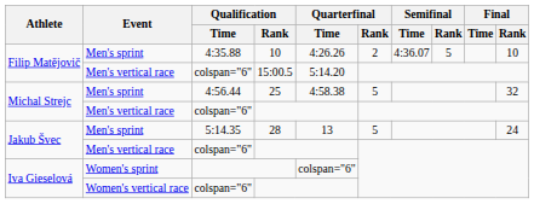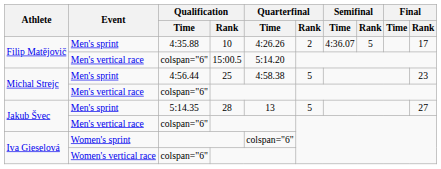 <table class="wikitable" style="font-size:90%">
 <tr align="center">
 <th rowspan="2" align="left">Athlete</th>
 <th rowspan="2" align="left">Event</th>
 <th colspan="2">Qualification</th>
 <th colspan="2">Quarterfinal</th>
 <th colspan="2">Semifinal</th>
 <th colspan="2">Final</th>
 </tr>
 <tr align="center">
 <th>Time</th>
 <th>Rank</th>
 <th>Time</th>
 <th>Rank</th>
 <th>Time</th>
 <th>Rank</th>
 <th>Time</th>
 <th>Rank</th>
 </tr>
 <tr align="center">
 <td rowspan="2" align="left"><a href='#'>Filip Matějovič</a></td>
 <td align="left"><a href='#'>Men's sprint</a></td>
 <td>4:35.88</td>
 <td>10</td>
 <td>4:26.26</td>
 <td>2</td>
 <td>4:36.07</td>
 <td>5</td>
 <td></td>
-<td>10</td>
+<td>17</td>
 </tr>
 <tr align="center">
 <td align="left"><a href='#'>Men's vertical race</a></td>
 <td>colspan="6" </td>
 <td>15:00.5</td>
 <td>5:14.20</td>
 </tr>
 <tr align="center">
 <td rowspan="2" align="left"><a href='#'>Michal Strejc</a></td>
 <td align="left"><a href='#'>Men's sprint</a></td>
 <td>4:56.44</td>
 <td>25</td>
 <td>4:58.38</td>
 <td>5</td>
 <td colspan="3"></td>
-<td>32</td>
+<td>23</td>
 </tr>
 <tr align="center">
 <td align="left"><a href='#'>Men's vertical race</a></td>
 <td>colspan="6" </td>
 <td colspan="2"></td>
 </tr>
 <tr align="center">
 <td rowspan="2" align="left"><a href='#'>Jakub Švec</a></td>
 <td align="left"><a href='#'>Men's sprint</a></td>
 <td>5:14.35</td>
 <td>28</td>
 <td>13</td>
 <td>5</td>
 <td colspan="3"></td>
-<td>24</td>
+<td>27</td>
 </tr>
 <tr align="center">
 <td align="left"><a href='#'>Men's vertical race</a></td>
 <td>colspan="6" </td>
 <td colspan="2"></td>
 </tr>
 <tr align="center">
 <td rowspan="2" align="left"><a href='#'>Iva Gieselová</a></td>
 <td align="left"><a href='#'>Women's sprint</a></td>
 <td colspan="2"></td>
 <td>colspan="6" </td>
 </tr>
 <tr align="center">
 <td align="left"><a href='#'>Women's vertical race</a></td>
 <td>colspan="6" </td>
 <td colspan="2"></td>
 </tr>
 </table>
